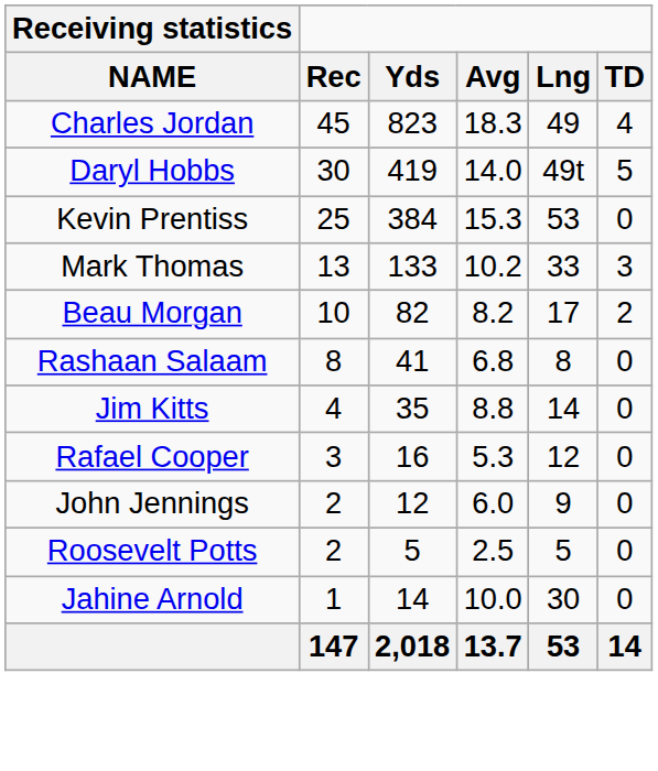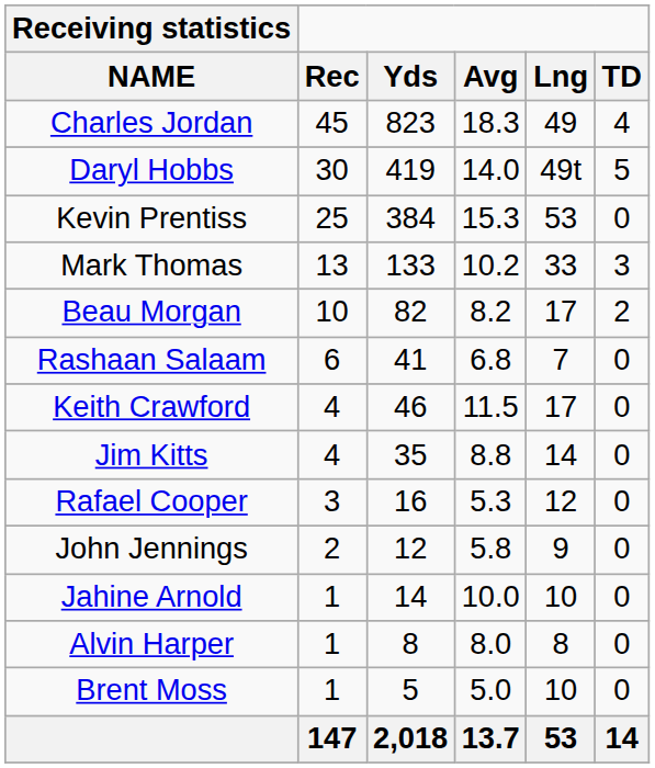 <table class="wikitable sortable" style="text-align:center;">
 <tr>
 <th style="text-align:center;">Receiving statistics</th>
 </tr>
 <tr>
 <th>NAME</th>
 <th>Rec</th>
 <th>Yds</th>
 <th>Avg</th>
 <th>Lng</th>
 <th>TD</th>
 </tr>
 <tr>
 <td><a href='#'>Charles Jordan</a></td>
 <td>45</td>
 <td>823</td>
 <td>18.3</td>
 <td>49</td>
 <td>4</td>
 </tr>
 <tr>
 <td><a href='#'>Daryl Hobbs</a></td>
 <td>30</td>
 <td>419</td>
 <td>14.0</td>
 <td>49t</td>
 <td>5</td>
 </tr>
 <tr>
 <td>Kevin Prentiss</td>
 <td>25</td>
 <td>384</td>
 <td>15.3</td>
 <td>53</td>
 <td>0</td>
 </tr>
 <tr>
 <td>Mark Thomas</td>
 <td>13</td>
 <td>133</td>
 <td>10.2</td>
 <td>33</td>
 <td>3</td>
 </tr>
 <tr>
 <td><a href='#'>Beau Morgan</a></td>
 <td>10</td>
 <td>82</td>
 <td>8.2</td>
 <td>17</td>
 <td>2</td>
 </tr>
 <tr>
 <td><a href='#'>Rashaan Salaam</a></td>
-<td>8</td>
+<td>6</td>
 <td>41</td>
 <td>6.8</td>
-<td>8</td>
+<td>7</td>
+<td>0</td>
+</tr>
+<tr>
+<td><a href='#'>Keith Crawford</a></td>
+<td>4</td>
+<td>46</td>
+<td>11.5</td>
+<td>17</td>
 <td>0</td>
 </tr>
 <tr>
 <td><a href='#'>Jim Kitts</a></td>
 <td>4</td>
 <td>35</td>
 <td>8.8</td>
 <td>14</td>
 <td>0</td>
 </tr>
 <tr>
 <td><a href='#'>Rafael Cooper</a></td>
 <td>3</td>
 <td>16</td>
 <td>5.3</td>
 <td>12</td>
 <td>0</td>
 </tr>
 <tr>
 <td>John Jennings</td>
 <td>2</td>
 <td>12</td>
-<td>6.0</td>
+<td>5.8</td>
 <td>9</td>
-<td>0</td>
-</tr>
-<tr>
-<td><a href='#'>Roosevelt Potts</a></td>
-<td>2</td>
-<td>5</td>
-<td>2.5</td>
-<td>5</td>
 <td>0</td>
 </tr>
 <tr>
 <td><a href='#'>Jahine Arnold</a></td>
 <td>1</td>
 <td>14</td>
 <td>10.0</td>
-<td>30</td>
+<td>10</td>
+<td>0</td>
+</tr>
+<tr>
+<td><a href='#'>Alvin Harper</a></td>
+<td>1</td>
+<td>8</td>
+<td>8.0</td>
+<td>8</td>
+<td>0</td>
+</tr>
+<tr>
+<td><a href='#'>Brent Moss</a></td>
+<td>1</td>
+<td>5</td>
+<td>5.0</td>
+<td>10</td>
 <td>0</td>
 </tr>
 <tr>
 <th colspan="1"></th>
 <th>147</th>
 <th>2,018</th>
 <th>13.7</th>
 <th>53</th>
 <th>14</th>
 </tr>
 </table>
